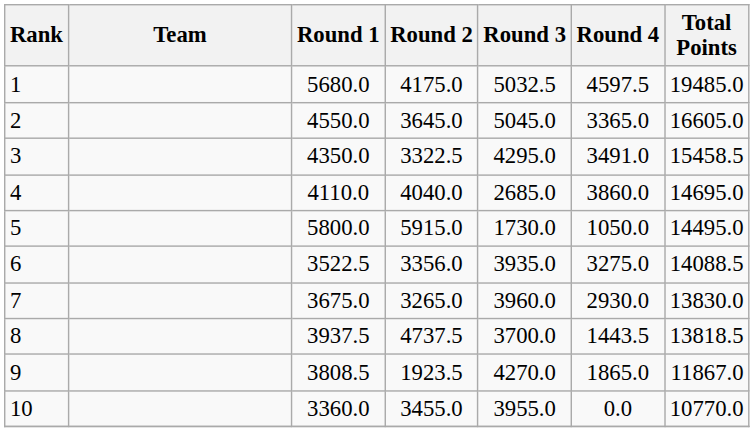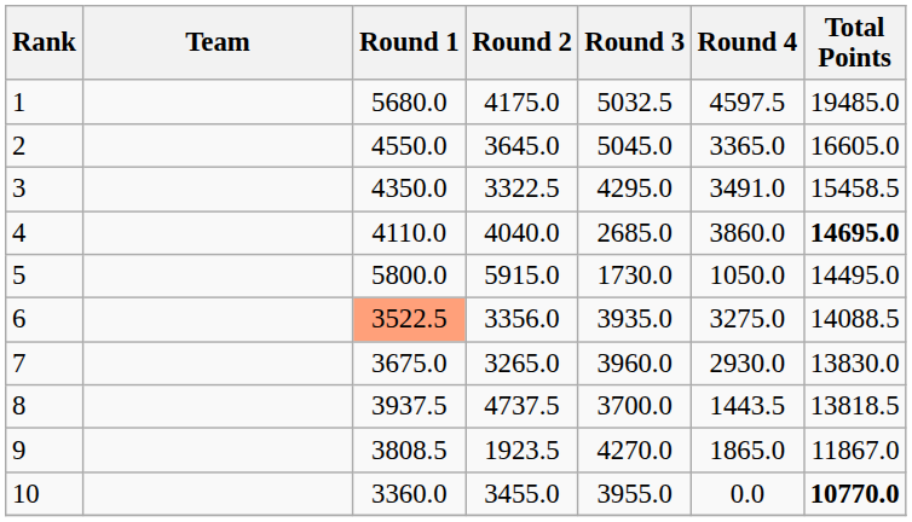 <table class="wikitable sortable">
 <tr>
 <th width=20>Rank</th>
 <th width=150>Team</th>
 <th width=40>Round 1</th>
 <th width=40>Round 2</th>
 <th width=40>Round 3</th>
 <th width=40>Round 4</th>
 <th width=40>Total Points</th>
 </tr>
 <tr>
 <td>1</td>
 <td></td>
 <td align="center">5680.0</td>
 <td align="center">4175.0</td>
 <td align="center">5032.5</td>
 <td align="center">4597.5</td>
 <td align="right">19485.0</td>
 </tr>
 <tr>
 <td>2</td>
 <td></td>
 <td align="center">4550.0</td>
 <td align="center">3645.0</td>
 <td align="center">5045.0</td>
 <td align="center">3365.0</td>
 <td align="right">16605.0</td>
 </tr>
 <tr>
 <td>3</td>
 <td></td>
 <td align="center">4350.0</td>
 <td align="center">3322.5</td>
 <td align="center">4295.0</td>
 <td align="center">3491.0</td>
 <td align="right">15458.5</td>
 </tr>
 <tr>
 <td>4</td>
 <td></td>
 <td align="center">4110.0</td>
 <td align="center">4040.0</td>
 <td align="center">2685.0</td>
 <td align="center">3860.0</td>
-<td align="right">14695.0</td>
+<td align="right"><strong>14695.0</strong></td>
 </tr>
 <tr>
 <td>5</td>
 <td></td>
 <td align="center">5800.0</td>
 <td align="center">5915.0</td>
 <td align="center">1730.0</td>
 <td align="center">1050.0</td>
 <td align="right">14495.0</td>
 </tr>
 <tr>
 <td>6</td>
 <td></td>
-<td align="center">3522.5</td>
+<td align="center" style="background: lightsalmon;">3522.5</td>
 <td align="center">3356.0</td>
 <td align="center">3935.0</td>
 <td align="center">3275.0</td>
 <td align="right">14088.5</td>
 </tr>
 <tr>
 <td>7</td>
 <td></td>
 <td align="center">3675.0</td>
 <td align="center">3265.0</td>
 <td align="center">3960.0</td>
 <td align="center">2930.0</td>
 <td align="right">13830.0</td>
 </tr>
 <tr>
 <td>8</td>
 <td></td>
 <td align="center">3937.5</td>
 <td align="center">4737.5</td>
 <td align="center">3700.0</td>
 <td align="center">1443.5</td>
 <td align="right">13818.5</td>
 </tr>
 <tr>
 <td>9</td>
 <td></td>
 <td align="center">3808.5</td>
 <td align="center">1923.5</td>
 <td align="center">4270.0</td>
 <td align="center">1865.0</td>
 <td align="right">11867.0</td>
 </tr>
 <tr>
 <td>10</td>
 <td></td>
 <td align="center">3360.0</td>
 <td align="center">3455.0</td>
 <td align="center">3955.0</td>
 <td align="center">0.0</td>
-<td align="right">10770.0</td>
+<td align="right"><strong>10770.0</strong></td>
 </tr>
 <tr>
 </tr>
 </table>
